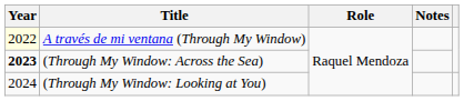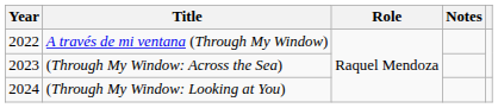 <table class="wikitable">
 <tr>
 <th>Year</th>
 <th>Title</th>
 <th>Role</th>
 <th>Notes</th>
 <th></th>
 </tr>
 <tr>
-<td style="background: lightyellow;">2022</td>
+<td>2022</td>
 <td><em><a href='#'>A través de mi ventana</a></em> (<em>Through My Window</em>)</td>
 <td rowspan = 3>Raquel Mendoza</td>
 <td></td>
 <td rowspan = "2"></td>
 </tr>
 <tr>
-<td><strong>2023</strong></td>
+<td>2023</td>
 <td><em></em> (<em>Through My Window: Across the Sea</em>)</td>
 <td></td>
 </tr>
 <tr>
 <td>2024</td>
 <td><em></em> (<em>Through My Window: Looking at You</em>)</td>
 <td></td>
 <td></td>
 </tr>
 </table>
